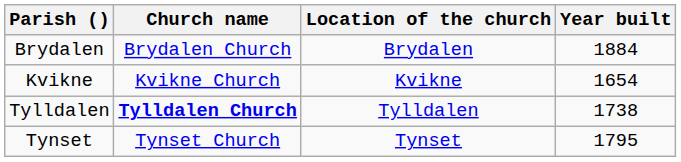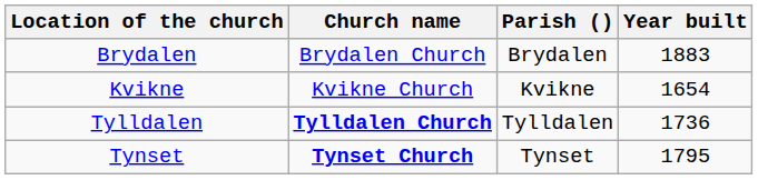 <table class="wikitable" style="text-align:center">
 <tr>
+<th>Location of the church</th>
+<th>Church name</th>
 <th>Parish ()</th>
-<th>Church name</th>
-<th>Location of the church</th>
 <th>Year built</th>
 </tr>
 <tr>
+<td><a href='#'>Brydalen</a></td>
+<td><a href='#'>Brydalen Church</a></td>
 <td rowspan="1">Brydalen</td>
-<td><a href='#'>Brydalen Church</a></td>
-<td><a href='#'>Brydalen</a></td>
-<td>1884</td>
+<td>1883</td>
 </tr>
 <tr>
+<td><a href='#'>Kvikne</a></td>
+<td><a href='#'>Kvikne Church</a></td>
 <td rowspan="1">Kvikne</td>
-<td><a href='#'>Kvikne Church</a></td>
-<td><a href='#'>Kvikne</a></td>
 <td>1654</td>
 </tr>
 <tr>
+<td><a href='#'>Tylldalen</a></td>
+<td><strong><a href='#'>Tylldalen Church</a></strong></td>
 <td rowspan="1">Tylldalen</td>
-<td><strong><a href='#'>Tylldalen Church</a></strong></td>
-<td><a href='#'>Tylldalen</a></td>
-<td>1738</td>
+<td>1736</td>
 </tr>
 <tr>
+<td><a href='#'>Tynset</a></td>
+<td><strong><a href='#'>Tynset Church</a></strong></td>
 <td rowspan="1">Tynset</td>
-<td><a href='#'>Tynset Church</a></td>
-<td><a href='#'>Tynset</a></td>
 <td>1795</td>
 </tr>
 </table>
